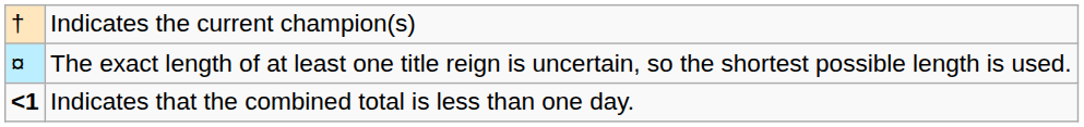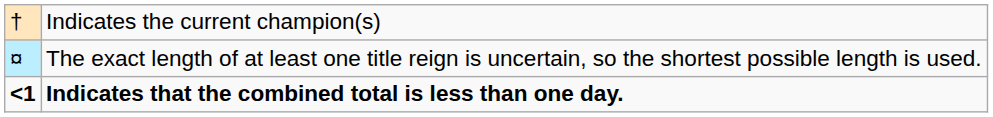 <table class="wikitable">
 <tr>
 <td style="background:#ffe6bd;">†</td>
 <td>Indicates the current champion(s)</td>
 </tr>
 <tr>
 <td style="background:#bef;">¤</td>
 <td>The exact length of at least one title reign is uncertain, so the shortest possible length is used.</td>
 </tr>
 <tr>
 <td><strong><1</strong></td>
-<td>Indicates that the combined total is less than one day.</td>
+<td><strong>Indicates that the combined total is less than one day.</strong></td>
 </tr>
 </table>
